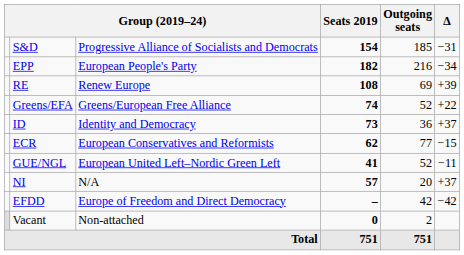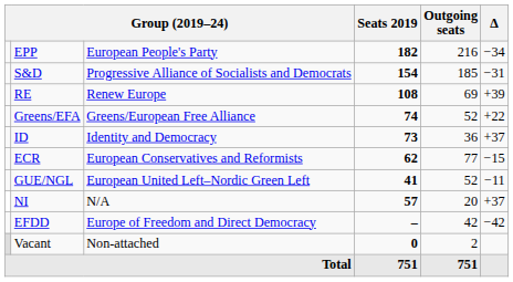 <table class="wikitable centre sortable" style="text-align:right">
 <tr>
 <th scope=col colspan=3>Group (2019–24)</th>
 <th scope=col>Seats 2019</th>
 <th scope=col>Outgoing<br>seats</th>
 <th scope=col>∆</th>
 </tr>
 <tr>
 <td style="background:"></td>
+<td align=left><a href='#'>EPP</a></td>
+<td align=left><a href='#'>European People's Party</a> </td>
+<td><strong>182</strong></td>
+<td>216</td>
+<td> −34</td>
+</tr>
+<tr>
+<td style="background:"></td>
 <td align=left><a href='#'>S&D</a></td>
 <td align=left><a href='#'>Progressive Alliance of Socialists and Democrats</a> </td>
 <td><strong>154</strong></td>
 <td>185</td>
 <td> −31</td>
-</tr>
-<tr>
-<td style="background:"></td>
-<td align=left><a href='#'>EPP</a></td>
-<td align=left><a href='#'>European People's Party</a> </td>
-<td><strong>182</strong></td>
-<td>216</td>
-<td> −34</td>
 </tr>
 <tr>
 <td style="background:"></td>
 <td align=left><a href='#'>RE</a></td>
 <td align=left><a href='#'>Renew Europe</a> </td>
 <td><strong>108</strong></td>
 <td>69</td>
 <td> +39</td>
 </tr>
 <tr>
 <td style="background:"></td>
 <td align=left><a href='#'>Greens/EFA</a></td>
 <td align=left><a href='#'>Greens/European Free Alliance</a> </td>
 <td><strong>74</strong></td>
 <td>52</td>
 <td> +22</td>
 </tr>
 <tr>
 <td style="background:"></td>
 <td align=left><a href='#'>ID</a></td>
 <td align=left><a href='#'>Identity and Democracy</a> </td>
 <td><strong>73</strong></td>
 <td>36</td>
 <td> +37</td>
 </tr>
 <tr>
 <td style="background:"></td>
 <td align=left><a href='#'>ECR</a></td>
 <td align=left><a href='#'>European Conservatives and Reformists</a> </td>
 <td><strong>62</strong></td>
 <td>77</td>
 <td> −15</td>
 </tr>
 <tr>
 <td style="background:"></td>
 <td align=left><a href='#'>GUE/NGL</a></td>
 <td align=left><a href='#'>European United Left–Nordic Green Left</a> </td>
 <td><strong>41</strong></td>
 <td>52</td>
 <td> −11</td>
 </tr>
 <tr>
 <td style="background:white;"></td>
 <td align=left><a href='#'>NI</a></td>
 <td align=left>N/A</td>
 <td><strong>57</strong></td>
 <td>20</td>
 <td> +37</td>
 </tr>
 <tr>
 <td style="background:"></td>
 <td align=left><a href='#'>EFDD</a></td>
 <td align=left><a href='#'>Europe of Freedom and Direct Democracy</a> </td>
 <td><strong>–</strong></td>
 <td>42</td>
 <td> −42</td>
 </tr>
 <tr>
 <td style="background:#ddd;"></td>
 <td align=left>Vacant</td>
 <td align=left>Non-attached</td>
 <td><strong>0</strong></td>
 <td>2</td>
 <td></td>
 </tr>
 <tr class="sortbottom" style="font-weight:bold; background:rgb(232,232,232);">
 <td colspan=3>Total</td>
 <td>751</td>
 <td>751</td>
 <td></td>
 </tr>
 </table>
